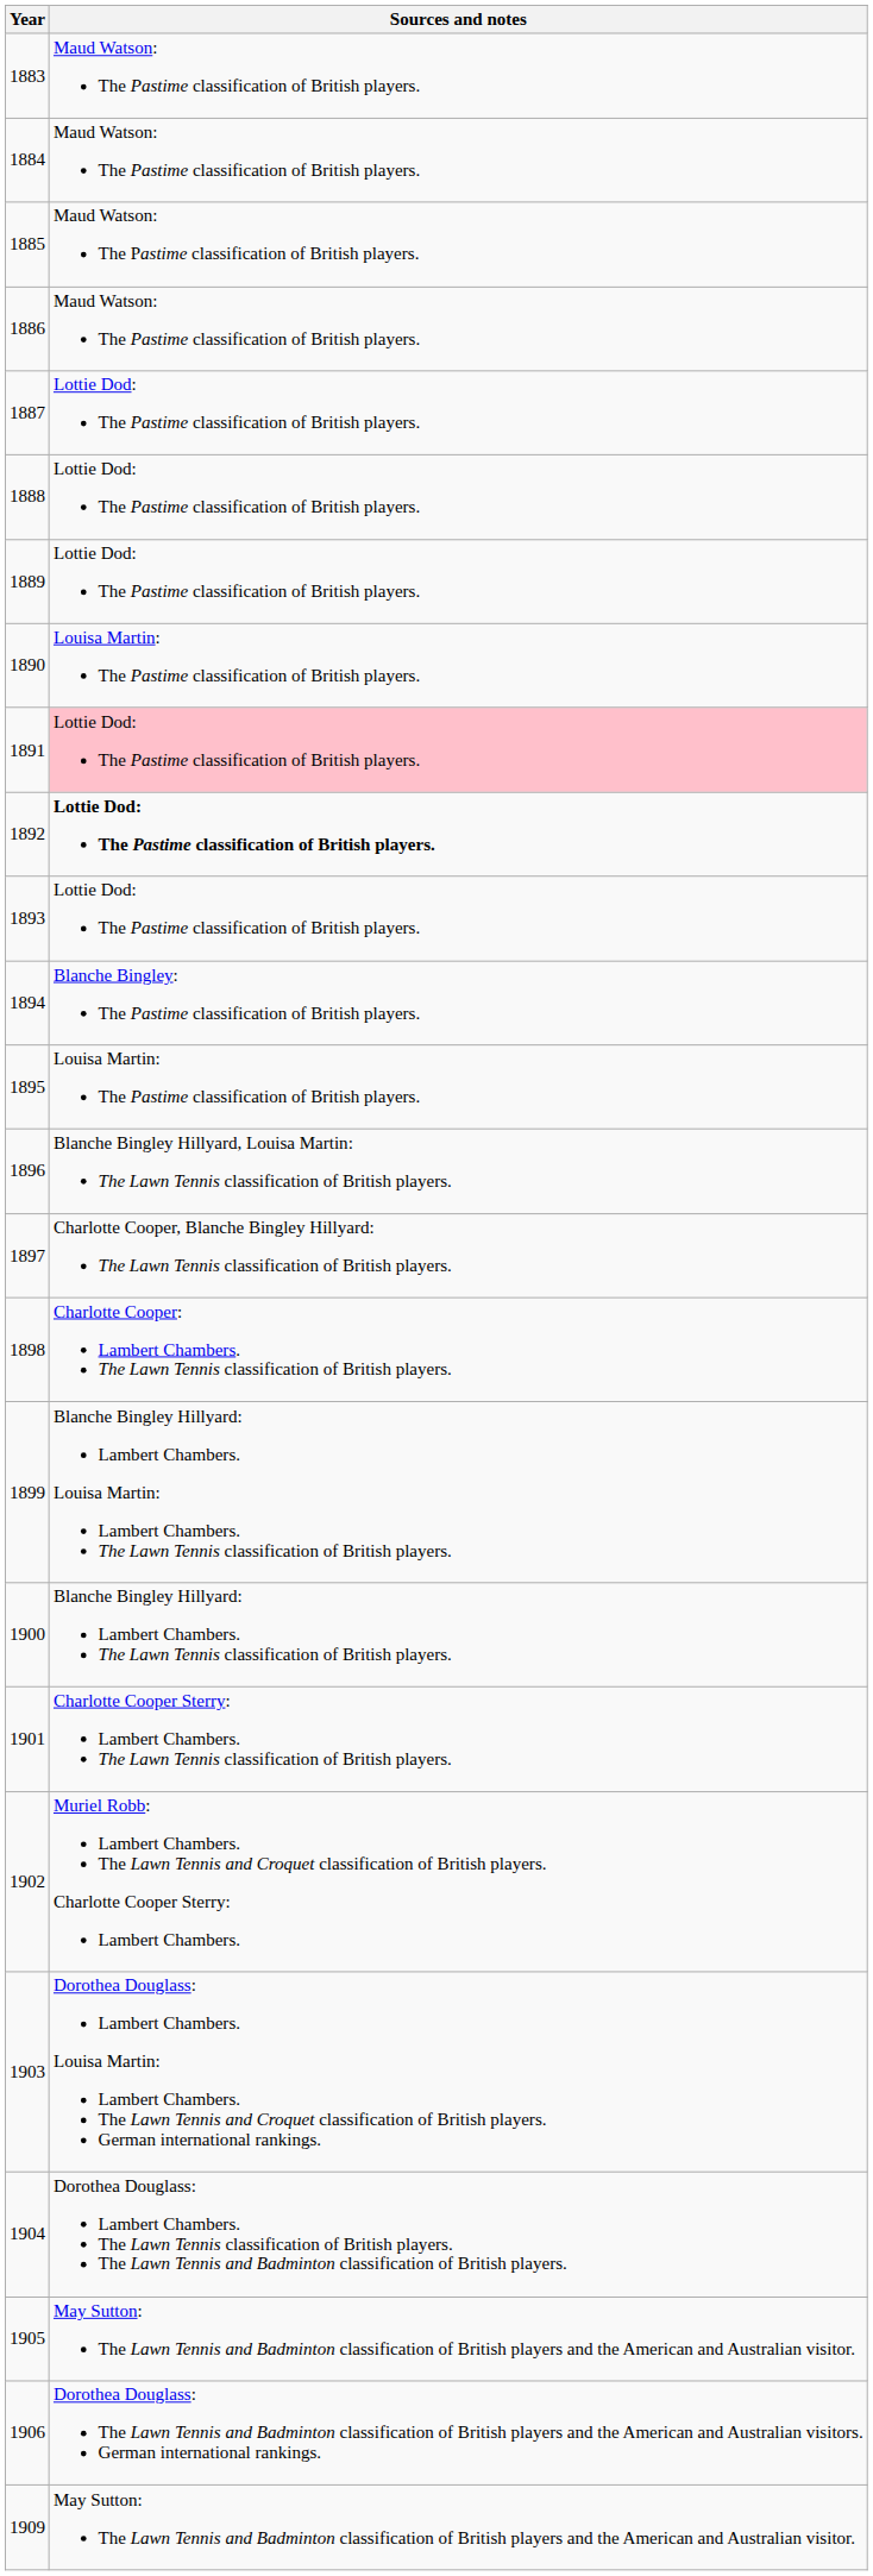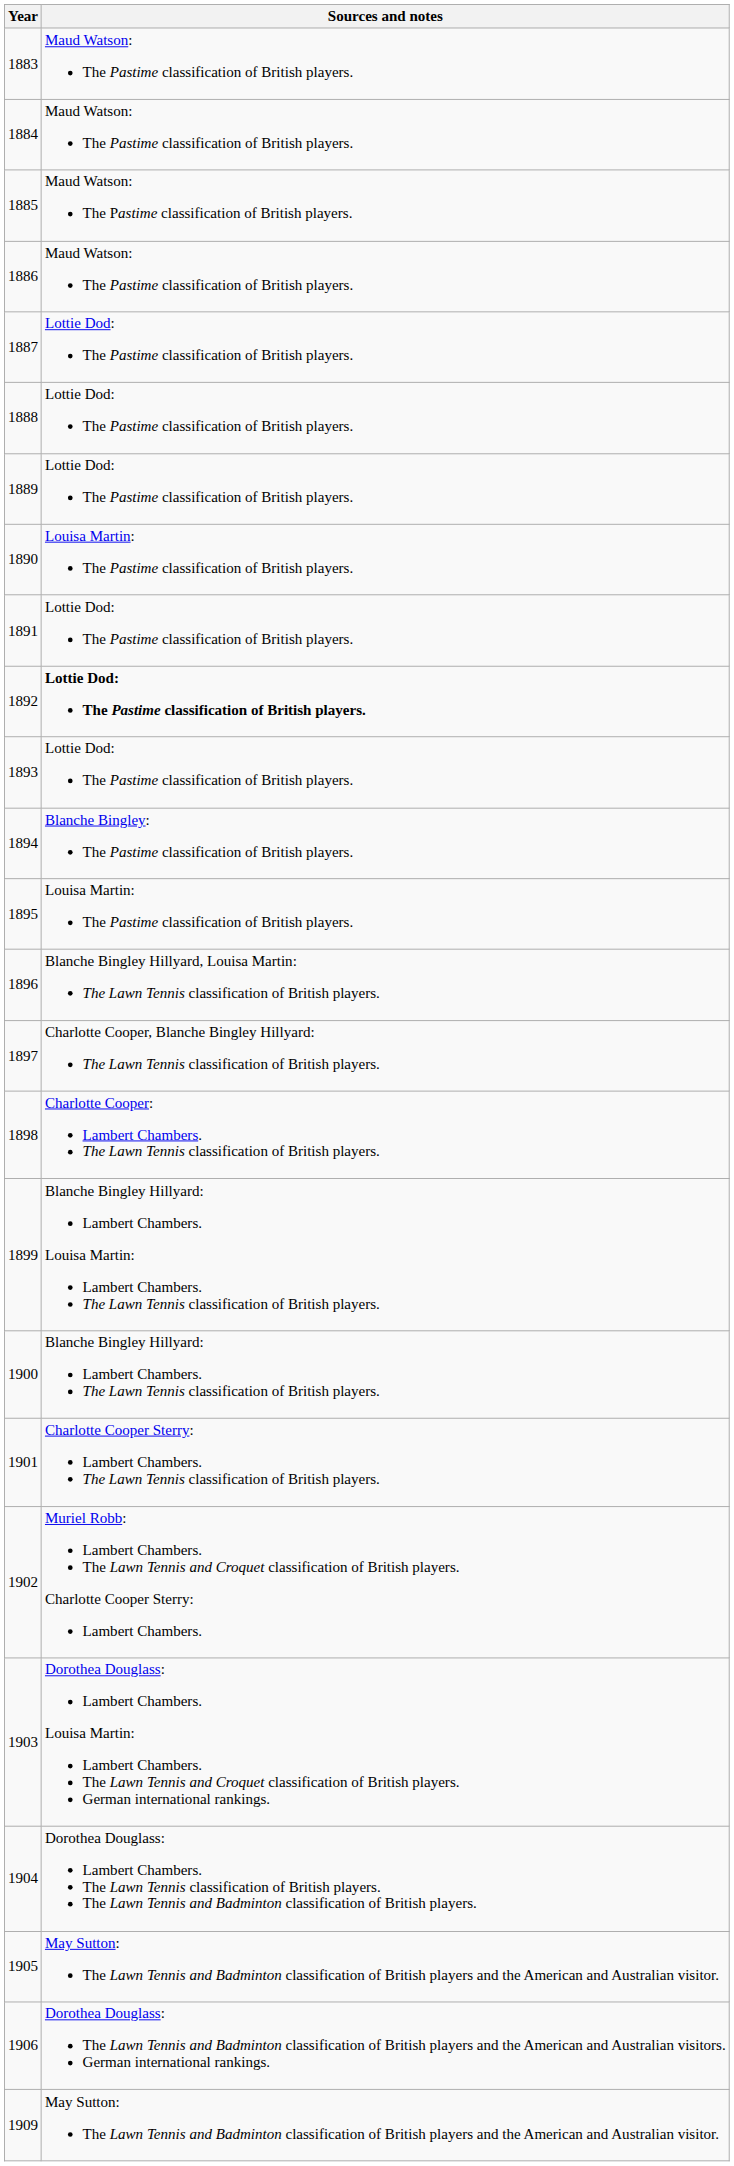 <table class="wikitable">
 <tr>
 <th>Year</th>
 <th>Sources and notes</th>
 </tr>
 <tr id="1883">
 <td>1883</td>
 <td><a href='#'>Maud Watson</a>:<br><ul><li>The <em>Pastime</em> classification of British players.</li></ul></td>
 </tr>
 <tr id="1884">
 <td>1884</td>
 <td>Maud Watson:<br><ul><li>The <em>Pastime</em> classification of British players.</li></ul></td>
 </tr>
 <tr id="1885">
 <td>1885</td>
 <td>Maud Watson:<br><ul><li>The P<em>astime</em> classification of British players.</li></ul></td>
 </tr>
 <tr id="1886">
 <td>1886</td>
 <td>Maud Watson:<br><ul><li>The <em>Pastime</em> classification of British players.</li></ul></td>
 </tr>
 <tr id="1887">
 <td>1887</td>
 <td><a href='#'>Lottie Dod</a>:<br><ul><li>The <em>Pastime</em> classification of British players.</li></ul></td>
 </tr>
 <tr id="1888">
 <td>1888</td>
 <td>Lottie Dod:<br><ul><li>The <em>Pastime</em> classification of British players.</li></ul></td>
 </tr>
 <tr id="1889">
 <td>1889</td>
 <td>Lottie Dod:<br><ul><li>The <em>Pastime</em> classification of British players.</li></ul></td>
 </tr>
 <tr id="1890">
 <td>1890</td>
 <td><a href='#'>Louisa Martin</a>:<br><ul><li>The <em>Pastime</em> classification of British players.</li></ul></td>
 </tr>
 <tr id="1891">
 <td>1891</td>
-<td style="background: pink;">Lottie Dod:<br><ul><li>The <em>Pastime</em> classification of British players.</li></ul></td>
+<td>Lottie Dod:<br><ul><li>The <em>Pastime</em> classification of British players.</li></ul></td>
 </tr>
 <tr id="1892">
 <td>1892</td>
 <td><strong>Lottie Dod:<br><ul><li>The <em>Pastime</em> classification of British players.</li></ul></strong></td>
 </tr>
 <tr id="1893">
 <td>1893</td>
 <td>Lottie Dod:<br><ul><li>The <em>Pastime</em> classification of British players.</li></ul></td>
 </tr>
 <tr id="1894">
 <td>1894</td>
 <td><a href='#'>Blanche Bingley</a>:<br><ul><li>The <em>Pastime</em> classification of British players.</li></ul></td>
 </tr>
 <tr id="1895">
 <td>1895</td>
 <td>Louisa Martin:<br><ul><li>The <em>Pastime</em> classification of British players.</li></ul></td>
 </tr>
 <tr id="1896">
 <td>1896</td>
 <td>Blanche Bingley Hillyard, Louisa Martin:<br><ul><li><em>The Lawn Tennis</em> classification of British players.</li></ul></td>
 </tr>
 <tr id="1897">
 <td>1897</td>
 <td>Charlotte Cooper, Blanche Bingley Hillyard:<br><ul><li><em>The Lawn Tennis</em> classification of British players.</li></ul></td>
 </tr>
 <tr id="1898">
 <td>1898</td>
 <td><a href='#'>Charlotte Cooper</a>:<br><ul><li><a href='#'>Lambert Chambers</a>.</li><li><em>The Lawn Tennis</em> classification of British players.</li></ul></td>
 </tr>
 <tr id="1899">
 <td>1899</td>
 <td>Blanche Bingley Hillyard:<br><ul><li>Lambert Chambers.</li></ul>Louisa Martin:<ul><li>Lambert Chambers.</li><li><em>The Lawn Tennis</em> classification of British players.</li></ul></td>
 </tr>
 <tr id="1900">
 <td>1900</td>
 <td>Blanche Bingley Hillyard:<br><ul><li>Lambert Chambers.</li><li><em>The Lawn Tennis</em> classification of British players.</li></ul></td>
 </tr>
 <tr id="1901">
 <td>1901</td>
 <td><a href='#'>Charlotte Cooper Sterry</a>:<br><ul><li>Lambert Chambers.</li><li><em>The Lawn Tennis</em> classification of British players.</li></ul></td>
 </tr>
 <tr id="1902">
 <td>1902</td>
 <td><a href='#'>Muriel Robb</a>:<br><ul><li>Lambert Chambers.</li><li>The <em>Lawn Tennis and Croquet</em> classification of British players.</li></ul>Charlotte Cooper Sterry:<ul><li>Lambert Chambers.</li></ul></td>
 </tr>
 <tr id="1903">
 <td>1903</td>
 <td><a href='#'>Dorothea Douglass</a>:<br><ul><li>Lambert Chambers.</li></ul>Louisa Martin:<ul><li>Lambert Chambers.</li><li>The <em>Lawn Tennis and Croquet</em> classification of British players.</li><li>German international rankings.</li></ul></td>
 </tr>
 <tr id="1904">
 <td>1904</td>
 <td>Dorothea Douglass:<br><ul><li>Lambert Chambers.</li><li>The <em>Lawn Tennis</em> classification of British players.</li><li>The <em>Lawn Tennis and Badminton</em> classification of British players.</li></ul></td>
 </tr>
 <tr id="1905">
 <td>1905</td>
 <td><a href='#'>May Sutton</a>:<br><ul><li>The <em>Lawn Tennis and Badminton</em> classification of British players and the American and Australian visitor.</li></ul></td>
 </tr>
 <tr id="1906">
 <td>1906</td>
 <td><a href='#'>Dorothea Douglass</a>:<br><ul><li>The <em>Lawn Tennis and Badminton</em> classification of British players and the American and Australian visitors.</li><li>German international rankings.</li></ul></td>
 </tr>
 <tr id="1909">
 <td>1909</td>
 <td>May Sutton:<br><ul><li>The <em>Lawn Tennis and Badminton</em> classification of British players and the American and Australian visitor.</li></ul></td>
 </tr>
 </table>
